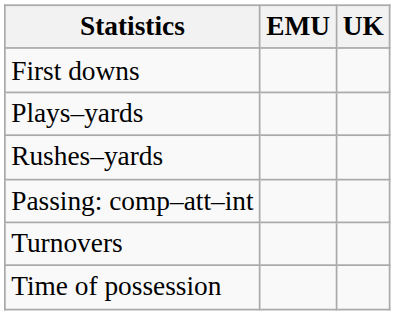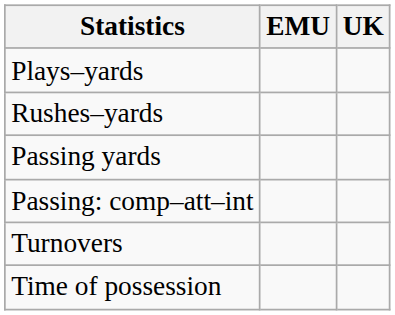 <table class="wikitable" style="float:left">
 <tr>
 <th>Statistics</th>
 <th>EMU</th>
 <th>UK</th>
-</tr>
-<tr>
-<td>First downs</td>
-<td></td>
-<td></td>
 </tr>
 <tr>
 <td>Plays–yards</td>
 <td></td>
 <td></td>
 </tr>
 <tr>
 <td>Rushes–yards</td>
+<td></td>
+<td></td>
+</tr>
+<tr>
+<td>Passing yards</td>
 <td></td>
 <td></td>
 </tr>
 <tr>
 <td>Passing: comp–att–int</td>
 <td></td>
 <td></td>
 </tr>
 <tr>
 <td>Turnovers</td>
 <td></td>
 <td></td>
 </tr>
 <tr>
 <td>Time of possession</td>
 <td></td>
 <td></td>
 </tr>
 </table>
